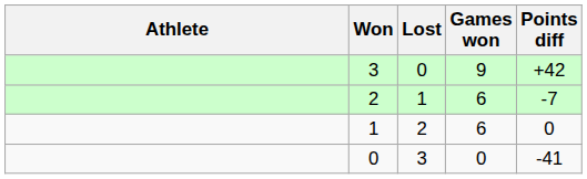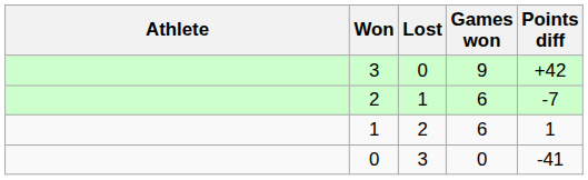 <table class="wikitable">
 <tr>
 <th style="width:18em">Athlete</th>
 <th>Won</th>
 <th>Lost</th>
 <th>Games<br>won</th>
 <th>Points<br>diff</th>
 </tr>
 <tr bgcolor="#ccffcc">
 <td></td>
 <td align="center">3</td>
 <td align="center">0</td>
 <td align="center">9</td>
 <td align="center">+42</td>
 </tr>
 <tr bgcolor="#ccffcc">
 <td></td>
 <td align="center">2</td>
 <td align="center">1</td>
 <td align="center">6</td>
 <td align="center">-7</td>
 </tr>
 <tr>
 <td></td>
 <td align="center">1</td>
 <td align="center">2</td>
 <td align="center">6</td>
-<td align="center">0</td>
+<td align="center">1</td>
 </tr>
 <tr>
 <td></td>
 <td align="center">0</td>
 <td align="center">3</td>
 <td align="center">0</td>
 <td align="center">-41</td>
 </tr>
 </table>
